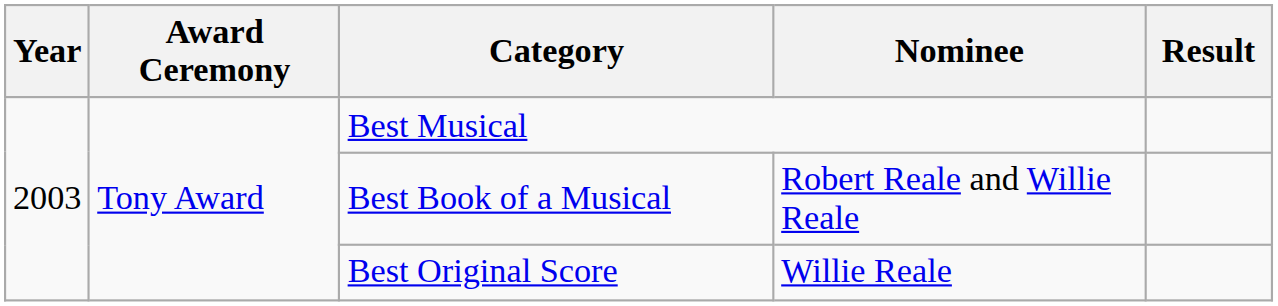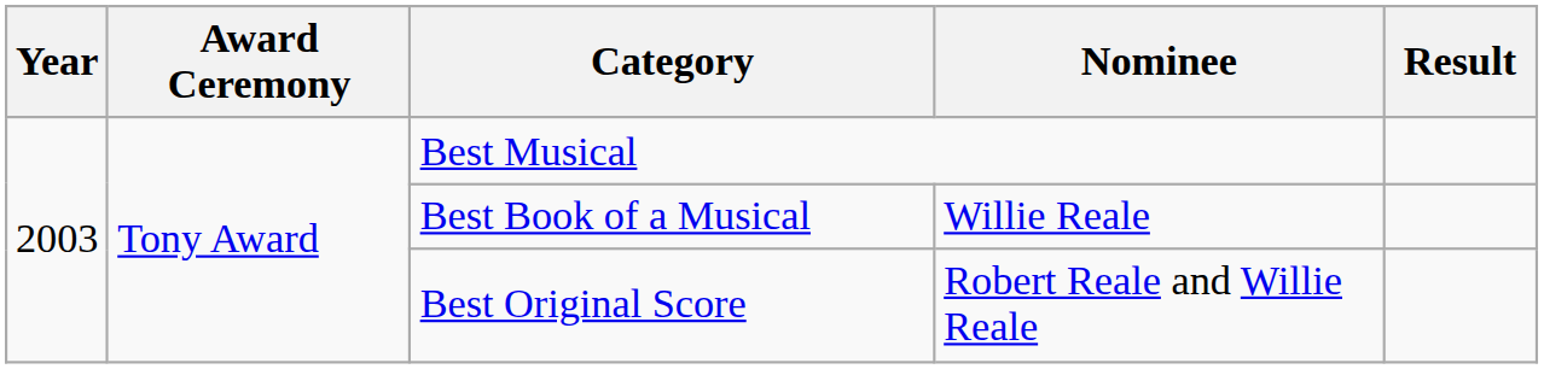 <table class="wikitable" width="95%">
 <tr>
 <th width="5%">Year</th>
 <th width="20%">Award Ceremony</th>
 <th width="35%">Category</th>
 <th width="30%">Nominee</th>
 <th width="10%">Result</th>
 </tr>
 <tr>
 <td rowspan="3" align="center">2003</td>
 <td rowspan="3"><a href='#'>Tony Award</a></td>
 <td colspan="2"><a href='#'>Best Musical</a></td>
 <td></td>
 </tr>
 <tr>
 <td><a href='#'>Best Book of a Musical</a></td>
-<td><a href='#'>Robert Reale</a> and <a href='#'>Willie Reale</a></td>
+<td><a href='#'>Willie Reale</a></td>
 <td></td>
 </tr>
 <tr>
 <td><a href='#'>Best Original Score</a></td>
-<td><a href='#'>Willie Reale</a></td>
+<td><a href='#'>Robert Reale</a> and <a href='#'>Willie Reale</a></td>
 <td></td>
 </tr>
 </table>
